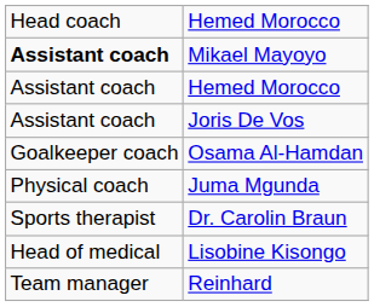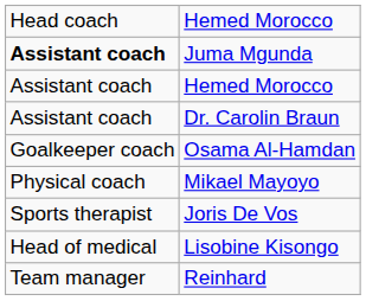 <table class="wikitable">
 <tr>
 <td>Head coach</td>
 <td> <a href='#'>Hemed Morocco</a></td>
 </tr>
 <tr>
 <td><strong>Assistant coach</strong></td>
-<td> <a href='#'>Mikael Mayoyo</a></td>
+<td> <a href='#'>Juma Mgunda</a></td>
 </tr>
 <tr>
 <td>Assistant coach</td>
 <td> <a href='#'>Hemed Morocco</a></td>
 </tr>
 <tr>
 <td>Assistant coach</td>
-<td> <a href='#'>Joris De Vos</a></td>
+<td> <a href='#'>Dr. Carolin Braun</a></td>
 </tr>
 <tr>
 <td>Goalkeeper coach</td>
 <td> <a href='#'>Osama Al-Hamdan</a></td>
 </tr>
 <tr>
 <td>Physical coach</td>
-<td> <a href='#'>Juma Mgunda</a></td>
+<td> <a href='#'>Mikael Mayoyo</a></td>
 </tr>
 <tr>
 <td>Sports therapist</td>
-<td> <a href='#'>Dr. Carolin Braun</a></td>
+<td> <a href='#'>Joris De Vos</a></td>
 </tr>
 <tr>
 <td>Head of medical</td>
 <td> <a href='#'>Lisobine Kisongo</a></td>
 </tr>
 <tr>
 <td>Team manager</td>
 <td> <a href='#'>Reinhard</a></td>
 </tr>
 </table>
